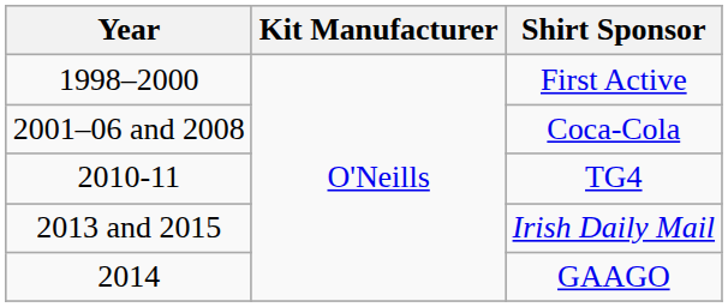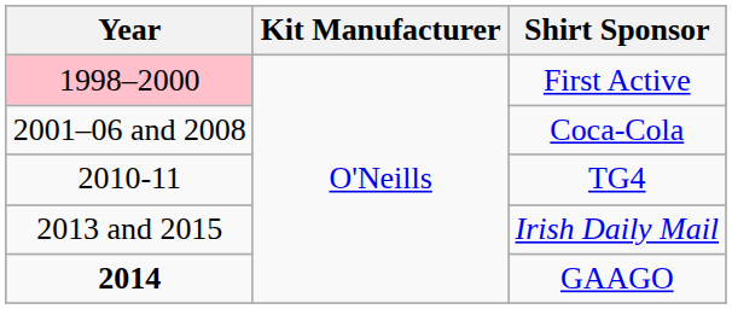 <table class="wikitable" style="text-align:center;">
 <tr>
 <th>Year</th>
 <th>Kit Manufacturer</th>
 <th>Shirt Sponsor</th>
 </tr>
 <tr>
-<td>1998–2000</td>
+<td style="background: pink;">1998–2000</td>
 <td rowspan=5><a href='#'>O'Neills</a></td>
 <td><a href='#'>First Active</a></td>
 </tr>
 <tr>
 <td>2001–06 and 2008</td>
 <td><a href='#'>Coca-Cola</a></td>
 </tr>
 <tr>
 <td>2010-11</td>
 <td><a href='#'>TG4</a></td>
 </tr>
 <tr>
 <td>2013 and 2015</td>
 <td><em><a href='#'>Irish Daily Mail</a></em></td>
 </tr>
 <tr>
-<td>2014</td>
+<td><strong>2014</strong></td>
 <td><a href='#'>GAAGO</a></td>
 </tr>
 </table>
